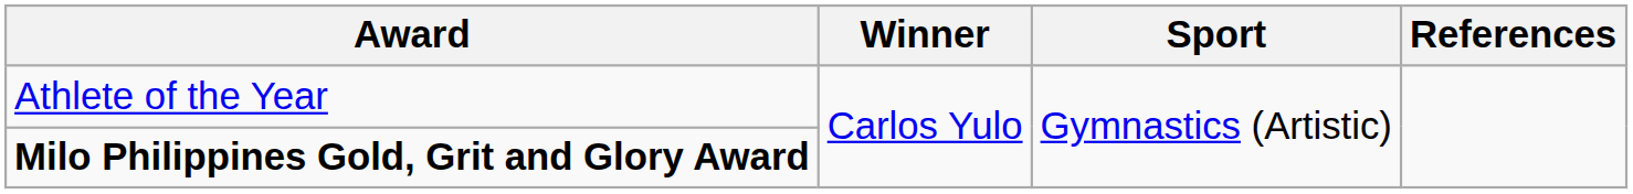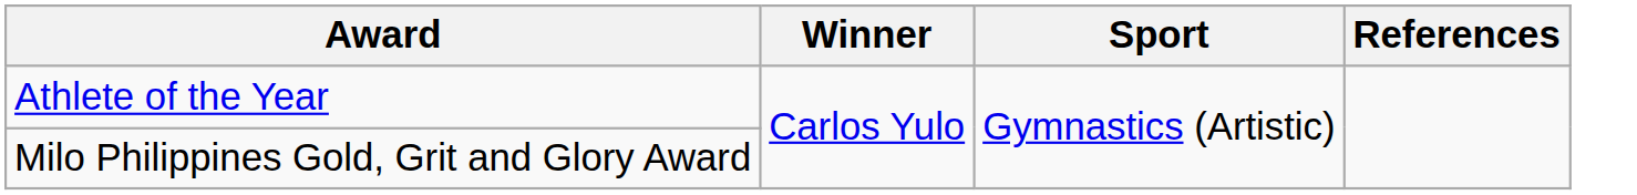 <table class="wikitable">
 <tr>
 <th>Award</th>
 <th>Winner</th>
 <th>Sport</th>
 <th>References</th>
 </tr>
 <tr>
 <td><a href='#'>Athlete of the Year</a></td>
 <td rowspan=2><a href='#'>Carlos Yulo</a></td>
 <td rowspan=2><a href='#'>Gymnastics</a> (Artistic)</td>
 <td rowspan=2></td>
 </tr>
 <tr>
-<td><strong>Milo Philippines Gold, Grit and Glory Award</strong></td>
+<td>Milo Philippines Gold, Grit and Glory Award</td>
 </tr>
 </table>
